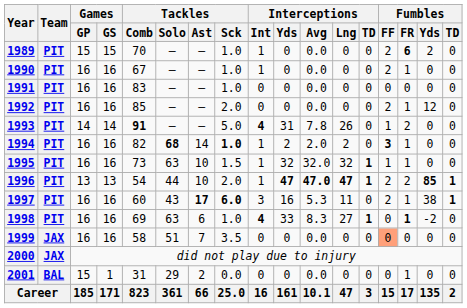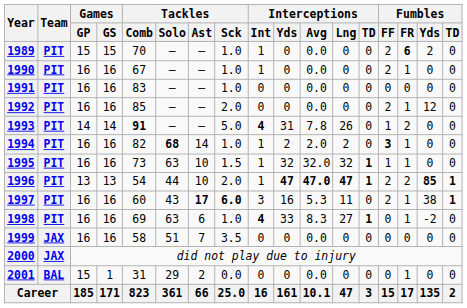 <table class="wikitable" style="text-align:center">
 <tr>
 <th rowspan="2">Year</th>
 <th rowspan="2">Team</th>
 <th colspan="2">Games</th>
 <th colspan="4">Tackles</th>
 <th colspan="5">Interceptions</th>
 <th colspan="4">Fumbles</th>
 </tr>
 <tr>
 <th>GP</th>
 <th>GS</th>
 <th>Comb</th>
 <th>Solo</th>
 <th>Ast</th>
 <th>Sck</th>
 <th>Int</th>
 <th>Yds</th>
 <th>Avg</th>
 <th>Lng</th>
 <th>TD</th>
 <th>FF</th>
 <th>FR</th>
 <th>Yds</th>
 <th>TD</th>
 </tr>
 <tr>
 <th><a href='#'>1989</a></th>
 <th><a href='#'>PIT</a></th>
 <td>15</td>
 <td>15</td>
 <td>70</td>
 <td>—</td>
 <td>—</td>
 <td>1.0</td>
 <td>1</td>
 <td>0</td>
 <td>0.0</td>
 <td>0</td>
 <td>0</td>
 <td>2</td>
 <td><strong>6</strong></td>
 <td>2</td>
 <td>0</td>
 </tr>
 <tr>
 <th><a href='#'>1990</a></th>
 <th><a href='#'>PIT</a></th>
 <td>16</td>
 <td>16</td>
 <td>67</td>
 <td>—</td>
 <td>—</td>
 <td>1.0</td>
 <td>1</td>
 <td>0</td>
 <td>0.0</td>
 <td>0</td>
 <td>0</td>
 <td>2</td>
 <td>1</td>
 <td>0</td>
 <td>0</td>
 </tr>
 <tr>
 <th><a href='#'>1991</a></th>
 <th><a href='#'>PIT</a></th>
 <td>16</td>
 <td>16</td>
 <td>83</td>
 <td>—</td>
 <td>—</td>
 <td>1.0</td>
 <td>0</td>
 <td>0</td>
 <td>0.0</td>
 <td>0</td>
 <td>0</td>
 <td>0</td>
 <td>0</td>
 <td>0</td>
 <td>0</td>
 </tr>
 <tr>
 <th><a href='#'>1992</a></th>
 <th><a href='#'>PIT</a></th>
 <td>16</td>
 <td>16</td>
 <td>85</td>
 <td>—</td>
 <td>—</td>
 <td>2.0</td>
 <td>0</td>
 <td>0</td>
 <td>0.0</td>
 <td>0</td>
 <td>0</td>
 <td>2</td>
 <td>1</td>
 <td>12</td>
 <td>0</td>
 </tr>
 <tr>
 <th><a href='#'>1993</a></th>
 <th><a href='#'>PIT</a></th>
 <td>14</td>
 <td>14</td>
 <td><strong>91</strong></td>
 <td>—</td>
 <td>—</td>
 <td>5.0</td>
 <td><strong>4</strong></td>
 <td>31</td>
 <td>7.8</td>
 <td>26</td>
 <td>0</td>
 <td>1</td>
 <td>2</td>
 <td>0</td>
 <td>0</td>
 </tr>
 <tr>
 <th><a href='#'>1994</a></th>
 <th><a href='#'>PIT</a></th>
 <td>16</td>
 <td>16</td>
 <td>82</td>
 <td><strong>68</strong></td>
 <td>14</td>
-<td><strong>1.0</strong></td>
+<td>1.0</td>
 <td>1</td>
 <td>2</td>
 <td>2.0</td>
 <td>2</td>
 <td>0</td>
 <td><strong>3</strong></td>
 <td>1</td>
 <td>0</td>
 <td>0</td>
 </tr>
 <tr>
 <th><a href='#'>1995</a></th>
 <th><a href='#'>PIT</a></th>
 <td>16</td>
 <td>16</td>
 <td>73</td>
 <td>63</td>
 <td>10</td>
 <td>1.5</td>
 <td>1</td>
 <td>32</td>
 <td>32.0</td>
 <td>32</td>
 <td><strong>1</strong></td>
 <td>1</td>
 <td>1</td>
 <td>0</td>
 <td>0</td>
 </tr>
 <tr>
 <th><a href='#'>1996</a></th>
 <th><a href='#'>PIT</a></th>
 <td>13</td>
 <td>13</td>
 <td>54</td>
 <td>44</td>
 <td>10</td>
 <td>2.0</td>
 <td>1</td>
 <td><strong>47</strong></td>
 <td><strong>47.0</strong></td>
 <td><strong>47</strong></td>
 <td><strong>1</strong></td>
 <td>2</td>
 <td>2</td>
 <td><strong>85</strong></td>
 <td><strong>1</strong></td>
 </tr>
 <tr>
 <th><a href='#'>1997</a></th>
 <th><a href='#'>PIT</a></th>
 <td>16</td>
 <td>16</td>
 <td>60</td>
 <td>43</td>
 <td><strong>17</strong></td>
 <td><strong>6.0</strong></td>
 <td>3</td>
 <td>16</td>
 <td>5.3</td>
 <td>11</td>
 <td>0</td>
 <td>2</td>
 <td>1</td>
 <td>38</td>
 <td><strong>1</strong></td>
 </tr>
 <tr>
 <th><a href='#'>1998</a></th>
 <th><a href='#'>PIT</a></th>
 <td>16</td>
 <td>16</td>
 <td>69</td>
 <td>63</td>
 <td>6</td>
 <td>1.0</td>
 <td><strong>4</strong></td>
 <td>33</td>
 <td>8.3</td>
 <td>27</td>
 <td><strong>1</strong></td>
 <td>0</td>
-<td><strong>1</strong></td>
+<td>1</td>
 <td>-2</td>
 <td>0</td>
 </tr>
 <tr>
 <th><a href='#'>1999</a></th>
 <th><a href='#'>JAX</a></th>
 <td>16</td>
 <td>16</td>
 <td>58</td>
 <td>51</td>
 <td>7</td>
 <td>3.5</td>
 <td>0</td>
 <td>0</td>
 <td>0.0</td>
 <td>0</td>
 <td>0</td>
-<td style="background: lightsalmon;">0</td>
+<td>0</td>
 <td>0</td>
 <td>0</td>
 <td>0</td>
 </tr>
 <tr>
 <th><a href='#'>2000</a></th>
 <th><a href='#'>JAX</a></th>
 <td colspan="15"><em>did not play due to injury</em></td>
 </tr>
 <tr>
 <th><a href='#'>2001</a></th>
 <th><a href='#'>BAL</a></th>
 <td>15</td>
 <td>1</td>
 <td>31</td>
 <td>29</td>
 <td>2</td>
 <td>0.0</td>
 <td>0</td>
 <td>0</td>
 <td>0.0</td>
 <td>0</td>
 <td>0</td>
 <td>0</td>
 <td>1</td>
 <td>0</td>
 <td>0</td>
 </tr>
 <tr>
 <th colspan="2">Career</th>
 <th>185</th>
 <th>171</th>
 <th>823</th>
 <th>361</th>
 <th>66</th>
 <th>25.0</th>
 <th>16</th>
 <th>161</th>
 <th>10.1</th>
 <th>47</th>
 <th>3</th>
 <th>15</th>
 <th>17</th>
 <th>135</th>
 <th>2</th>
 </tr>
 </table>
